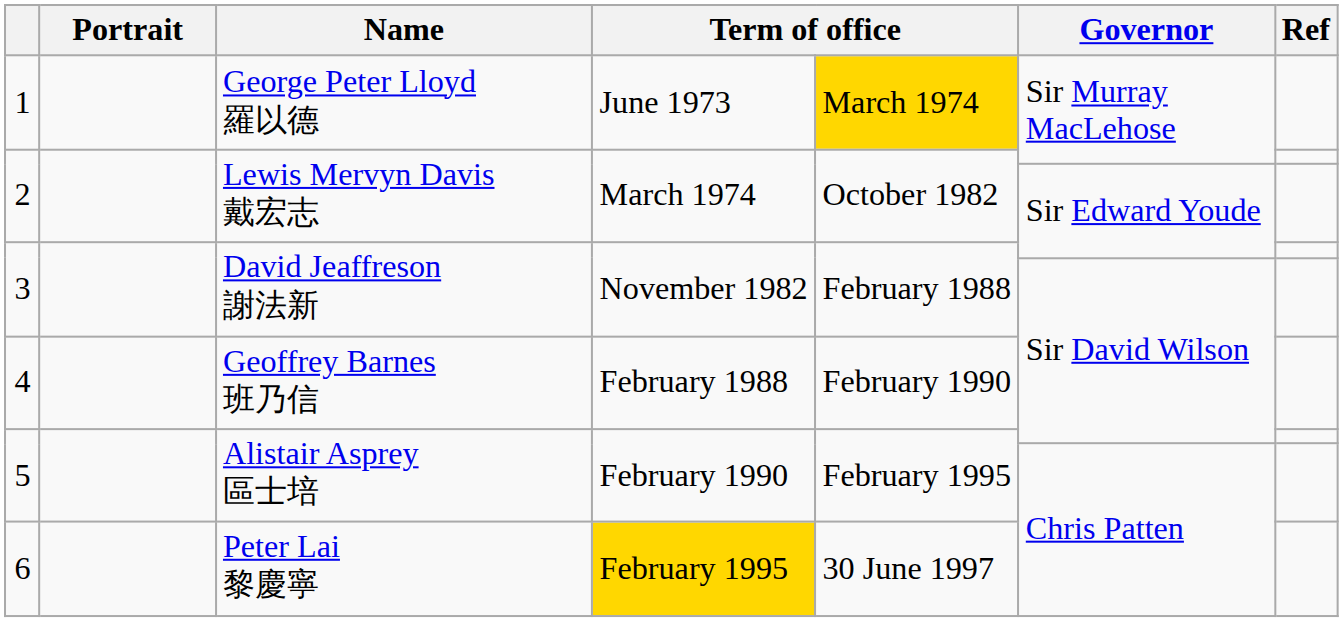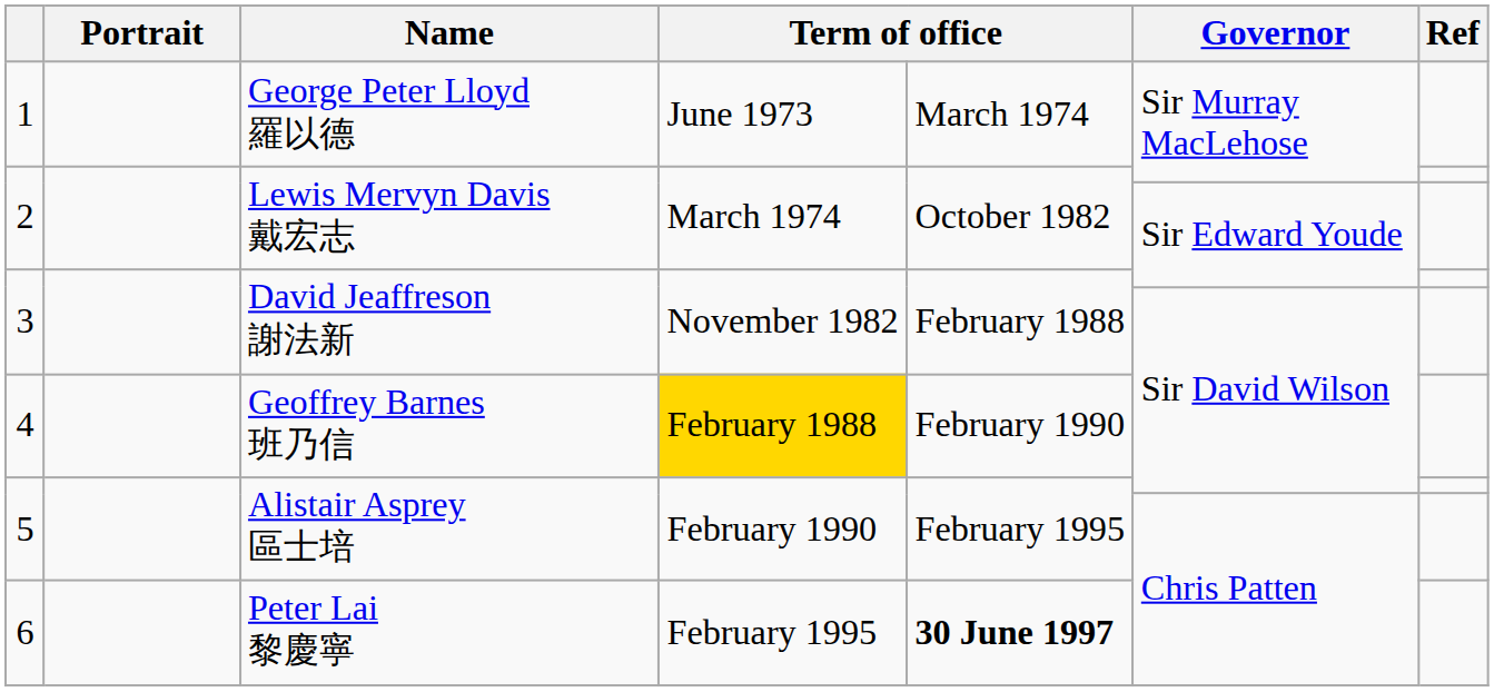 <table class="wikitable"  style="text-align:left">
 <tr>
 <th width=10px></th>
 <th width=80px>Portrait</th>
 <th width=180px>Name</th>
 <th width=180px colspan=2>Term of office</th>
 <th width=120px><a href='#'>Governor</a></th>
 <th>Ref</th>
 </tr>
 <tr>
 <td align=center>1</td>
 <td></td>
 <td><a href='#'>George Peter Lloyd</a><br>羅以德</td>
 <td>June 1973</td>
-<td style="background: gold;">March 1974</td>
+<td>March 1974</td>
 <td rowspan=2>Sir <a href='#'>Murray MacLehose</a><br></td>
 <td></td>
 </tr>
 <tr>
 <td rowspan=2 align=center>2</td>
 <td rowspan=2></td>
 <td rowspan="2"><a href='#'>Lewis Mervyn Davis</a><br>戴宏志</td>
 <td rowspan=2>March 1974</td>
 <td rowspan=2>October 1982</td>
 <td></td>
 </tr>
 <tr>
 <td rowspan=2>Sir <a href='#'>Edward Youde</a><br></td>
 <td></td>
 </tr>
 <tr>
 <td rowspan=2 align=center>3</td>
 <td rowspan=2></td>
 <td rowspan="2"><a href='#'>David Jeaffreson</a><br>謝法新</td>
 <td rowspan=2>November 1982</td>
 <td rowspan=2>February 1988</td>
 <td></td>
 </tr>
 <tr>
 <td rowspan=3>Sir <a href='#'>David Wilson</a><br></td>
 <td></td>
 </tr>
 <tr>
 <td align=center>4</td>
 <td></td>
 <td><a href='#'>Geoffrey Barnes</a><br>班乃信</td>
-<td>February 1988</td>
+<td style="background: gold;">February 1988</td>
 <td>February 1990</td>
 <td></td>
 </tr>
 <tr>
 <td rowspan=2 align=center>5</td>
 <td rowspan=2></td>
 <td rowspan="2"><a href='#'>Alistair Asprey</a><br>區士培</td>
 <td rowspan=2>February 1990</td>
 <td rowspan=2>February 1995</td>
 <td></td>
 </tr>
 <tr>
 <td rowspan=2><a href='#'>Chris Patten</a><br></td>
 <td></td>
 </tr>
 <tr>
 <td align=center>6</td>
 <td></td>
 <td><a href='#'>Peter Lai</a><br>黎慶寧</td>
-<td style="background: gold;">February 1995</td>
-<td>30 June 1997</td>
+<td>February 1995</td>
+<td><strong>30 June 1997</strong></td>
 <td></td>
 </tr>
 </table>
